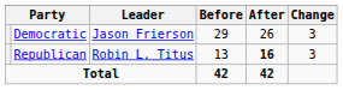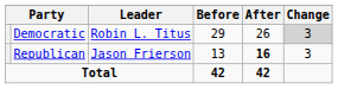 <table class="wikitable" style="text-align:center;">
 <tr>
 </tr>
 <tr>
 <th colspan=2>Party</th>
 <th>Leader</th>
 <th>Before</th>
 <th>After</th>
 <th>Change</th>
 </tr>
 <tr>
 <th style="background-color:"></th>
 <td style="text-align:left;"><a href='#'>Democratic</a></td>
-<td style="text-align:left;"><a href='#'>Jason Frierson</a></td>
+<td style="text-align:left;"><a href='#'>Robin L. Titus</a></td>
 <td>29</td>
 <td>26</td>
-<td> 3</td>
+<td style="background: lightgrey;"> 3</td>
 </tr>
 <tr>
 <th style="background-color:"></th>
 <td style="text-align:left;"><a href='#'>Republican</a></td>
-<td style="text-align:left;"><a href='#'>Robin L. Titus</a></td>
+<td style="text-align:left;"><a href='#'>Jason Frierson</a></td>
 <td>13</td>
 <td><strong>16</strong></td>
 <td> 3</td>
 </tr>
 <tr>
 <td colspan=3><strong>Total</strong></td>
 <td><strong>42</strong></td>
 <td><strong>42</strong></td>
 <td></td>
 </tr>
 </table>
